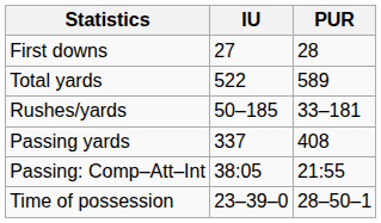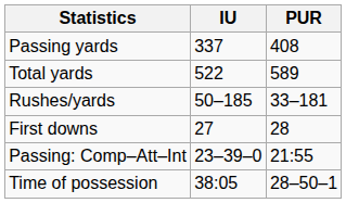 <table class="wikitable" style="float: left;">
 <tr>
 <th>Statistics</th>
 <th>IU</th>
 <th>PUR</th>
 </tr>
 <tr>
-<td>First downs</td>
-<td>27</td>
-<td>28</td>
+<td>Passing yards</td>
+<td>337</td>
+<td>408</td>
 </tr>
 <tr>
 <td>Total yards</td>
 <td>522</td>
 <td>589</td>
 </tr>
 <tr>
 <td>Rushes/yards</td>
 <td>50–185</td>
 <td>33–181</td>
 </tr>
 <tr>
-<td>Passing yards</td>
-<td>337</td>
-<td>408</td>
+<td>First downs</td>
+<td>27</td>
+<td>28</td>
 </tr>
 <tr>
 <td>Passing: Comp–Att–Int</td>
-<td>38:05</td>
+<td>23–39–0</td>
 <td>21:55</td>
 </tr>
 <tr>
 <td>Time of possession</td>
-<td>23–39–0</td>
+<td>38:05</td>
 <td>28–50–1</td>
 </tr>
 <tr>
 </tr>
 </table>
